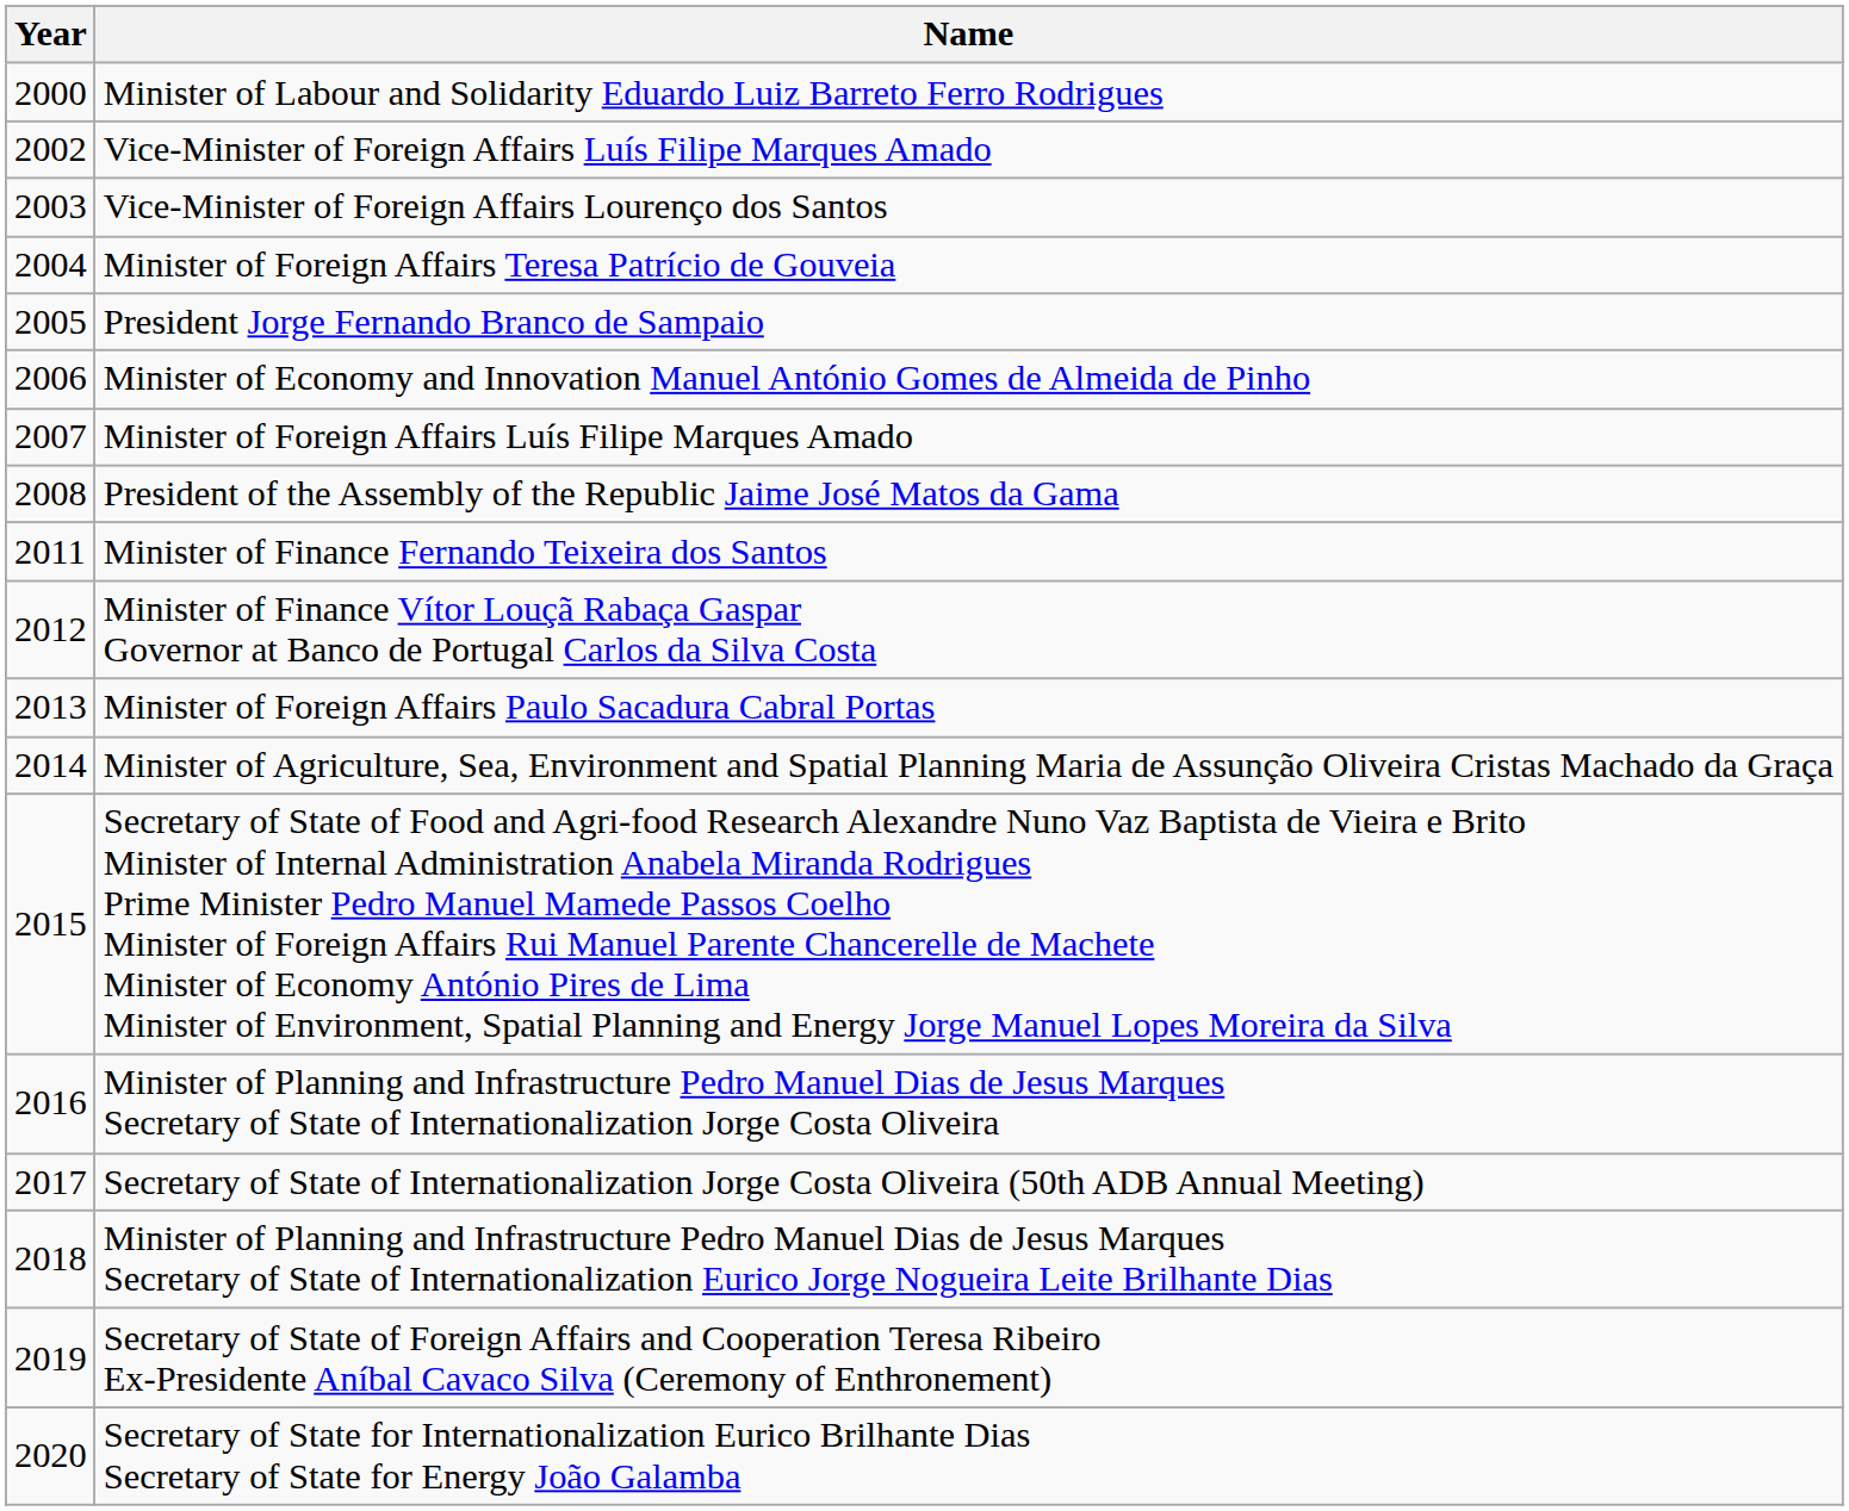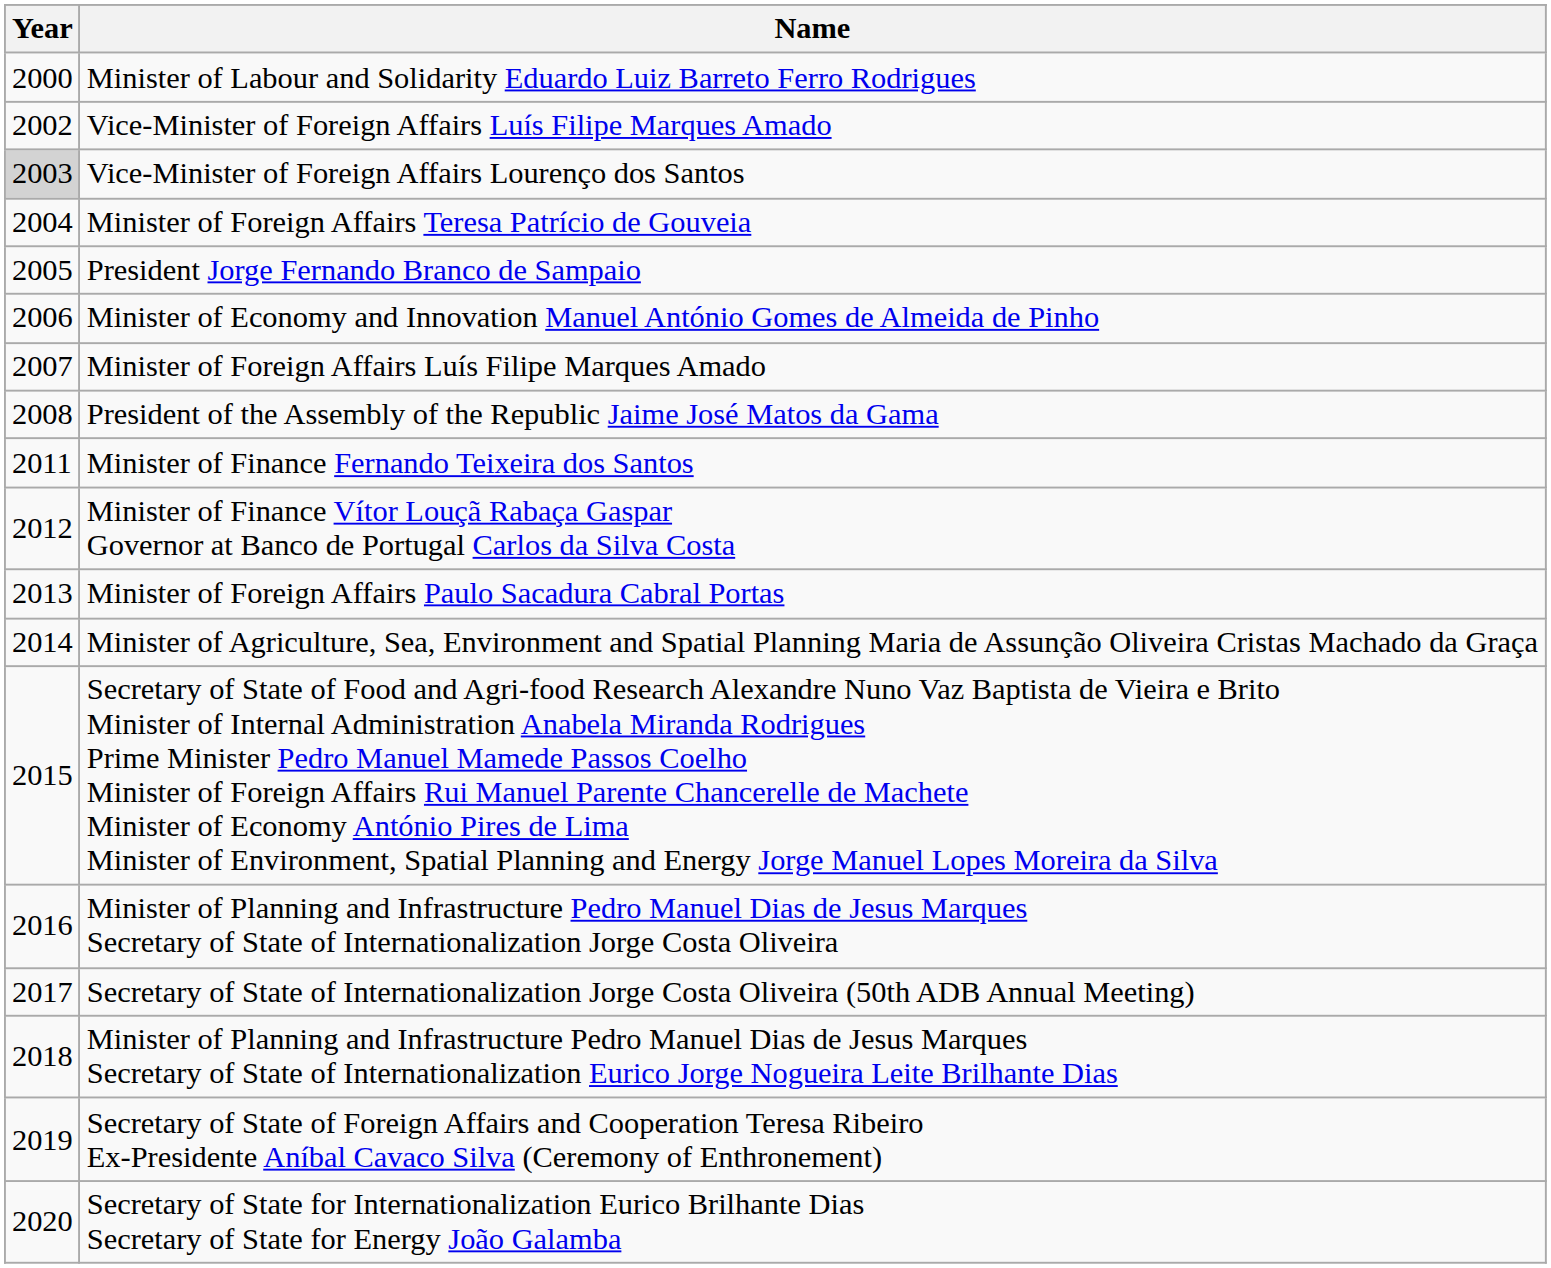 <table class="wikitable">
 <tr>
 <th>Year</th>
 <th>Name</th>
 </tr>
 <tr>
 <td>2000</td>
 <td>Minister of Labour and Solidarity <a href='#'>Eduardo Luiz Barreto Ferro Rodrigues</a></td>
 </tr>
 <tr>
 <td>2002</td>
 <td>Vice-Minister of Foreign Affairs <a href='#'>Luís Filipe Marques Amado</a></td>
 </tr>
 <tr>
-<td>2003</td>
+<td style="background: lightgrey;">2003</td>
 <td>Vice-Minister of Foreign Affairs Lourenço dos Santos</td>
 </tr>
 <tr>
 <td>2004</td>
 <td>Minister of Foreign Affairs <a href='#'>Teresa Patrício de Gouveia</a></td>
 </tr>
 <tr>
 <td>2005</td>
 <td>President <a href='#'>Jorge Fernando Branco de Sampaio</a></td>
 </tr>
 <tr>
 <td>2006</td>
 <td>Minister of Economy and Innovation <a href='#'>Manuel António Gomes de Almeida de Pinho</a></td>
 </tr>
 <tr>
 <td>2007</td>
 <td>Minister of Foreign Affairs Luís Filipe Marques Amado</td>
 </tr>
 <tr>
 <td>2008</td>
 <td>President of the Assembly of the Republic <a href='#'>Jaime José Matos da Gama</a></td>
 </tr>
 <tr>
 <td>2011</td>
 <td>Minister of Finance <a href='#'>Fernando Teixeira dos Santos</a></td>
 </tr>
 <tr>
 <td>2012</td>
 <td>Minister of Finance <a href='#'>Vítor Louçã Rabaça Gaspar</a><br>Governor at Banco de Portugal <a href='#'>Carlos da Silva Costa</a></td>
 </tr>
 <tr>
 <td>2013</td>
 <td>Minister of Foreign Affairs <a href='#'>Paulo Sacadura Cabral Portas</a></td>
 </tr>
 <tr>
 <td>2014</td>
 <td>Minister of Agriculture, Sea, Environment and Spatial Planning Maria de Assunção Oliveira Cristas Machado da Graça</td>
 </tr>
 <tr>
 <td>2015</td>
 <td>Secretary of State of Food and Agri-food Research Alexandre Nuno Vaz Baptista de Vieira e Brito<br>Minister of Internal Administration <a href='#'>Anabela Miranda Rodrigues</a><br>Prime Minister <a href='#'>Pedro Manuel Mamede Passos Coelho</a><br>Minister of Foreign Affairs <a href='#'>Rui Manuel Parente Chancerelle de Machete</a><br>Minister of Economy <a href='#'>António Pires de Lima</a><br>Minister of Environment, Spatial Planning and Energy <a href='#'>Jorge Manuel Lopes Moreira da Silva</a></td>
 </tr>
 <tr>
 <td>2016</td>
 <td>Minister of Planning and Infrastructure <a href='#'>Pedro Manuel Dias de Jesus Marques</a><br>Secretary of State of Internationalization Jorge Costa Oliveira</td>
 </tr>
 <tr>
 <td>2017</td>
 <td>Secretary of State of Internationalization Jorge Costa Oliveira (50th ADB Annual Meeting)</td>
 </tr>
 <tr>
 <td>2018</td>
 <td>Minister of Planning and Infrastructure Pedro Manuel Dias de Jesus Marques<br>Secretary of State of Internationalization <a href='#'>Eurico Jorge Nogueira Leite Brilhante Dias</a></td>
 </tr>
 <tr>
 <td>2019</td>
 <td>Secretary of State of Foreign Affairs and Cooperation Teresa Ribeiro<br>Ex-Presidente <a href='#'>Aníbal Cavaco Silva</a> (Ceremony of Enthronement)</td>
 </tr>
 <tr>
 <td>2020</td>
 <td>Secretary of State for Internationalization Eurico Brilhante Dias<br>Secretary of State for Energy <a href='#'>João Galamba</a></td>
 </tr>
 </table>
